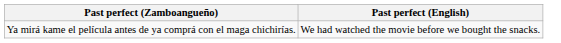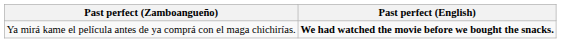 <table class="wikitable">
 <tr>
 <th>Past perfect (Zamboangueño)</th>
 <th>Past perfect (English)</th>
 </tr>
 <tr>
 <td>Ya mirá kame el película antes de ya comprá con el maga chichirías.</td>
-<td>We had watched the movie before we bought the snacks.</td>
+<td><strong>We had watched the movie before we bought the snacks.</strong></td>
 </tr>
 </table>
